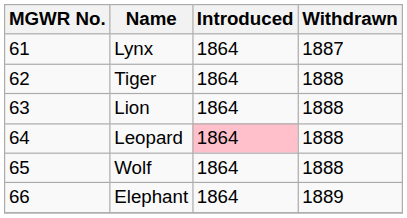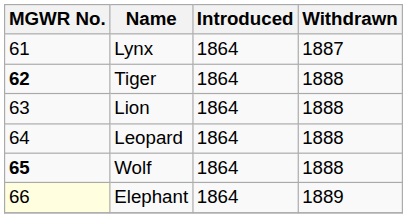 <table class="wikitable">
 <tr>
 <th>MGWR No.</th>
 <th>Name</th>
 <th>Introduced</th>
 <th>Withdrawn</th>
 </tr>
 <tr>
 <td>61</td>
 <td>Lynx</td>
 <td>1864</td>
 <td>1887</td>
 </tr>
 <tr>
-<td>62</td>
+<td><strong>62</strong></td>
 <td>Tiger</td>
 <td>1864</td>
 <td>1888</td>
 </tr>
 <tr>
 <td>63</td>
 <td>Lion</td>
 <td>1864</td>
 <td>1888</td>
 </tr>
 <tr>
 <td>64</td>
 <td>Leopard</td>
-<td style="background: pink;">1864</td>
+<td>1864</td>
 <td>1888</td>
 </tr>
 <tr>
-<td>65</td>
+<td><strong>65</strong></td>
 <td>Wolf</td>
 <td>1864</td>
 <td>1888</td>
 </tr>
 <tr>
-<td>66</td>
+<td style="background: lightyellow;">66</td>
 <td>Elephant</td>
 <td>1864</td>
 <td>1889</td>
 </tr>
 <tr>
 </tr>
 </table>
